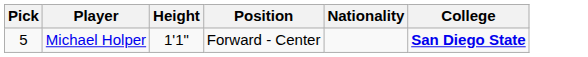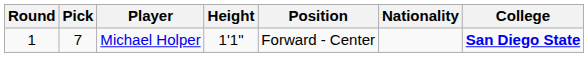 <table class="wikitable sortable sortable">
 <tr>
+<th>Round</th>
 <th>Pick</th>
 <th>Player</th>
 <th>Height</th>
 <th>Position</th>
 <th>Nationality</th>
 <th>College</th>
 </tr>
 <tr style="text-align: center">
-<td>5</td>
+<td>1</td>
+<td>7</td>
 <td><a href='#'>Michael Holper</a></td>
 <td>1'1"</td>
 <td>Forward - Center</td>
 <td></td>
 <td><strong><a href='#'>San Diego State</a></strong></td>
 </tr>
 </table>
